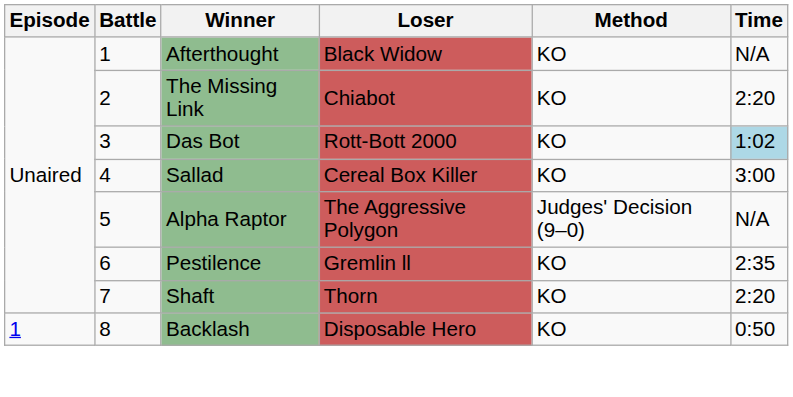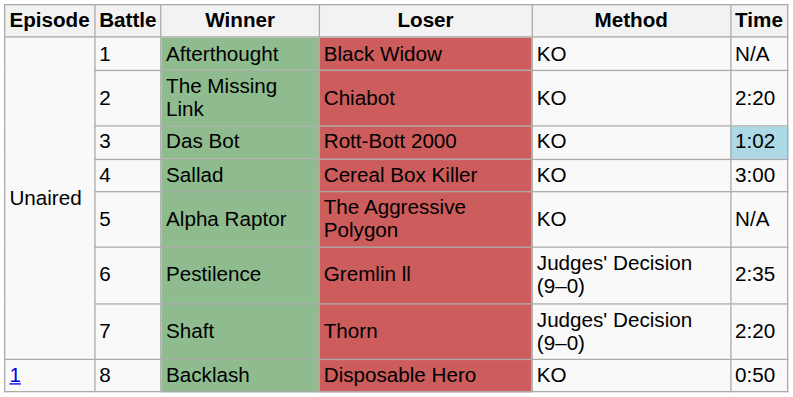 <table class="wikitable">
 <tr>
 <th>Episode</th>
 <th>Battle</th>
 <th>Winner</th>
 <th>Loser</th>
 <th>Method</th>
 <th>Time</th>
 </tr>
 <tr>
 <td rowspan="7">Unaired</td>
 <td>1</td>
 <td style="background:DarkSeaGreen;">Afterthought</td>
 <td style="background:IndianRed;">Black Widow</td>
 <td>KO</td>
 <td>N/A</td>
 </tr>
 <tr>
 <td>2</td>
 <td style="background:DarkSeaGreen;">The Missing Link</td>
 <td style="background:IndianRed;">Chiabot</td>
 <td>KO</td>
 <td>2:20</td>
 </tr>
 <tr>
 <td>3</td>
 <td style="background:DarkSeaGreen;">Das Bot</td>
 <td style="background:IndianRed;">Rott-Bott 2000</td>
 <td>KO</td>
 <td style="background: lightblue;">1:02</td>
 </tr>
 <tr>
 <td>4</td>
 <td style="background:DarkSeaGreen;">Sallad</td>
 <td style="background:IndianRed;">Cereal Box Killer</td>
 <td>KO</td>
 <td>3:00</td>
 </tr>
 <tr>
 <td>5</td>
 <td style="background:DarkSeaGreen;">Alpha Raptor</td>
 <td style="background:IndianRed;">The Aggressive Polygon</td>
-<td>Judges' Decision (9–0)</td>
+<td>KO</td>
 <td>N/A</td>
 </tr>
 <tr>
 <td>6</td>
 <td style="background:DarkSeaGreen;">Pestilence</td>
 <td style="background:IndianRed;">Gremlin ll</td>
-<td>KO</td>
+<td>Judges' Decision (9–0)</td>
 <td>2:35</td>
 </tr>
 <tr>
 <td>7</td>
 <td style="background:DarkSeaGreen;">Shaft</td>
 <td style="background:IndianRed;">Thorn</td>
-<td>KO</td>
+<td>Judges' Decision (9–0)</td>
 <td>2:20</td>
 </tr>
 <tr>
 <td rowspan="2"><a href='#'>1</a></td>
 <td>8</td>
 <td style="background:DarkSeaGreen;">Backlash</td>
 <td style="background:IndianRed;">Disposable Hero</td>
 <td>KO</td>
 <td>0:50</td>
 </tr>
 </table>
